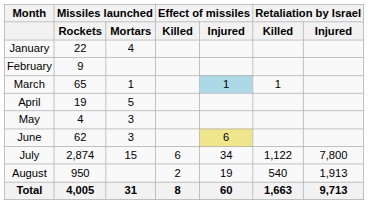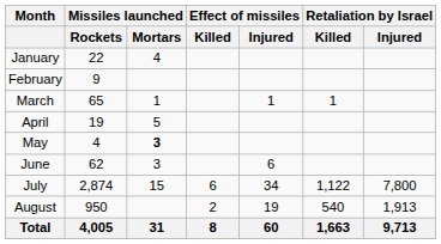 <table class="wikitable" style="text-align:center;">
 <tr>
 <th>Month</th>
 <th colspan=2>Missiles launched</th>
 <th colspan=2>Effect of missiles</th>
 <th colspan=2>Retaliation by Israel</th>
 </tr>
 <tr>
 <th></th>
 <th>Rockets</th>
 <th>Mortars</th>
 <th>Killed</th>
 <th>Injured</th>
 <th>Killed</th>
 <th>Injured</th>
 </tr>
 <tr>
 <td>January</td>
 <td>22</td>
 <td>4</td>
 <td></td>
 <td></td>
 <td></td>
 <td></td>
 </tr>
 <tr>
 <td>February</td>
 <td>9</td>
 <td></td>
 <td></td>
 <td></td>
 <td></td>
 <td></td>
 </tr>
 <tr>
 <td>March</td>
 <td>65</td>
 <td>1</td>
 <td></td>
-<td style="background: lightblue;">1</td>
+<td>1</td>
 <td>1</td>
 <td></td>
 </tr>
 <tr>
 <td>April</td>
 <td>19</td>
 <td>5</td>
 <td></td>
 <td></td>
 <td></td>
 <td></td>
 </tr>
 <tr>
 <td>May</td>
 <td>4</td>
-<td>3</td>
+<td><strong>3</strong></td>
 <td></td>
 <td></td>
 <td></td>
 <td></td>
 </tr>
 <tr>
 <td>June</td>
 <td>62</td>
 <td>3</td>
 <td></td>
-<td style="background: khaki;">6</td>
+<td>6</td>
 <td></td>
 <td></td>
 </tr>
 <tr>
 <td>July</td>
 <td>2,874</td>
 <td>15</td>
 <td>6</td>
 <td>34</td>
 <td>1,122</td>
 <td>7,800</td>
 </tr>
 <tr>
 <td>August</td>
 <td>950</td>
 <td></td>
 <td>2</td>
 <td>19</td>
 <td>540</td>
 <td>1,913</td>
 </tr>
 <tr>
 <th>Total</th>
 <th>4,005</th>
 <th>31</th>
 <th>8</th>
 <th>60</th>
 <th>1,663</th>
 <th>9,713</th>
 </tr>
 </table>
